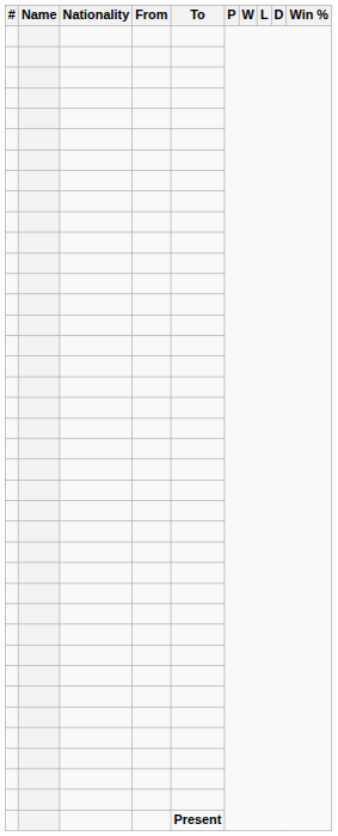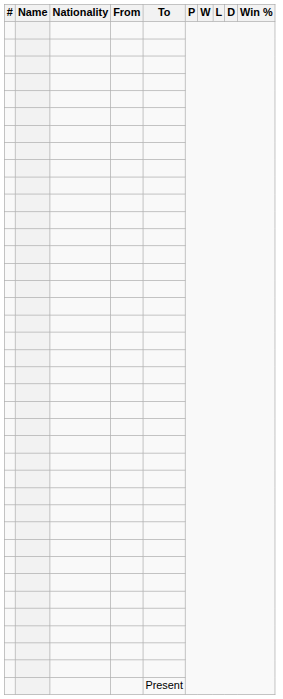 <table class="wikitable sortable plainrowheaders" style="text-align: left">
 <tr>
 <th scope=col>#</th>
 <th scope=col>Name</th>
 <th scope=col>Nationality</th>
 <th scope=col>From</th>
 <th scope=col>To</th>
 <th scope=col>P</th>
 <th scope=col>W</th>
 <th scope="col">L</th>
 <th scope="col">D</th>
 <th>Win %</th>
 </tr>
 <tr>
 <td></td>
 <th scope=row></th>
 <td></td>
 <td></td>
 <td><br></td>
 </tr>
 <tr>
 <td></td>
 <th scope=row></th>
 <td></td>
 <td></td>
 <td><br></td>
 </tr>
 <tr>
 <td></td>
 <th scope=row></th>
 <td></td>
 <td></td>
 <td><br></td>
 </tr>
 <tr>
 <td></td>
 <th scope=row></th>
 <td></td>
 <td></td>
 <td><br></td>
 </tr>
 <tr>
 <td></td>
 <th scope=row></th>
 <td></td>
 <td></td>
 <td><br></td>
 </tr>
 <tr>
 <td></td>
 <th scope=row></th>
 <td></td>
 <td></td>
 <td><br></td>
 </tr>
 <tr>
 <td></td>
 <th scope=row></th>
 <td></td>
 <td></td>
 <td><br></td>
 </tr>
 <tr>
 <td></td>
 <th scope=row></th>
 <td></td>
 <td></td>
 <td><br></td>
 </tr>
 <tr>
 <td></td>
 <th scope=row></th>
 <td></td>
 <td></td>
 <td><br></td>
 </tr>
 <tr>
 <td></td>
 <th scope=row></th>
 <td></td>
 <td></td>
 <td><br></td>
 </tr>
 <tr>
 <td></td>
 <th scope=row></th>
 <td></td>
 <td></td>
 <td><br></td>
 </tr>
 <tr>
 <td></td>
 <th scope=row></th>
 <td></td>
 <td></td>
 <td><br></td>
 </tr>
 <tr>
 <td></td>
 <th scope=row></th>
 <td></td>
 <td></td>
 <td><br></td>
 </tr>
 <tr>
 <td></td>
 <th scope=row></th>
 <td></td>
 <td></td>
 <td><br></td>
 </tr>
 <tr>
 <td></td>
 <th scope=row></th>
 <td></td>
 <td></td>
 <td><br></td>
 </tr>
 <tr>
 <td></td>
 <th scope=row></th>
 <td></td>
 <td></td>
 <td><br></td>
 </tr>
 <tr>
 <td></td>
 <th scope=row></th>
 <td></td>
 <td></td>
 <td><br></td>
 </tr>
 <tr>
 <td></td>
 <th scope=row></th>
 <td></td>
 <td></td>
 <td><br></td>
 </tr>
 <tr>
 <td></td>
 <th scope=row></th>
 <td></td>
 <td></td>
 <td><br></td>
 </tr>
 <tr>
 <td></td>
 <th scope=row></th>
 <td></td>
 <td></td>
 <td><br></td>
 </tr>
 <tr>
 <td></td>
 <th scope=row></th>
 <td></td>
 <td></td>
 <td><br></td>
 </tr>
 <tr>
 <td></td>
 <th scope=row></th>
 <td></td>
 <td></td>
 <td><br></td>
 </tr>
 <tr>
 <td></td>
 <th scope=row></th>
 <td></td>
 <td></td>
 <td><br></td>
 </tr>
 <tr>
 <td></td>
 <th scope=row></th>
 <td></td>
 <td></td>
 <td><br></td>
 </tr>
 <tr>
 <td></td>
 <th scope=row></th>
 <td></td>
 <td></td>
 <td><br></td>
 </tr>
 <tr>
 <td></td>
 <th scope=row></th>
 <td></td>
 <td></td>
 <td><br></td>
 </tr>
 <tr>
 <td></td>
 <th scope=row></th>
 <td></td>
 <td></td>
 <td><br></td>
 </tr>
 <tr>
 <td></td>
 <th scope=row></th>
 <td></td>
 <td></td>
 <td><br></td>
 </tr>
 <tr>
 <td></td>
 <th scope=row></th>
 <td></td>
 <td></td>
 <td><br></td>
 </tr>
 <tr>
 <td></td>
 <th scope=row></th>
 <td></td>
 <td></td>
 <td><br></td>
 </tr>
 <tr>
 <td></td>
 <th scope=row></th>
 <td></td>
 <td></td>
 <td><br></td>
 </tr>
 <tr>
 <td></td>
 <th scope=row></th>
 <td></td>
 <td></td>
 <td><br></td>
 </tr>
 <tr>
 <td></td>
 <th scope=row></th>
 <td></td>
 <td></td>
 <td><br></td>
 </tr>
 <tr>
 <td></td>
 <th scope=row></th>
 <td></td>
 <td></td>
 <td><br></td>
 </tr>
 <tr>
 <td></td>
 <th scope=row></th>
 <td></td>
 <td></td>
 <td><br></td>
 </tr>
 <tr>
 <td></td>
 <th scope=row></th>
 <td></td>
 <td></td>
 <td><br></td>
 </tr>
 <tr>
 <td></td>
 <th scope=row></th>
 <td></td>
 <td></td>
 <td><br></td>
 </tr>
 <tr>
 <td></td>
 <th scope=row></th>
 <td></td>
 <td></td>
 <td><br></td>
 </tr>
 <tr>
 <td></td>
 <th scope=row></th>
 <td></td>
 <td></td>
-<td><strong>Present<br></strong></td>
+<td>Present<br></td>
 </tr>
 </table>
